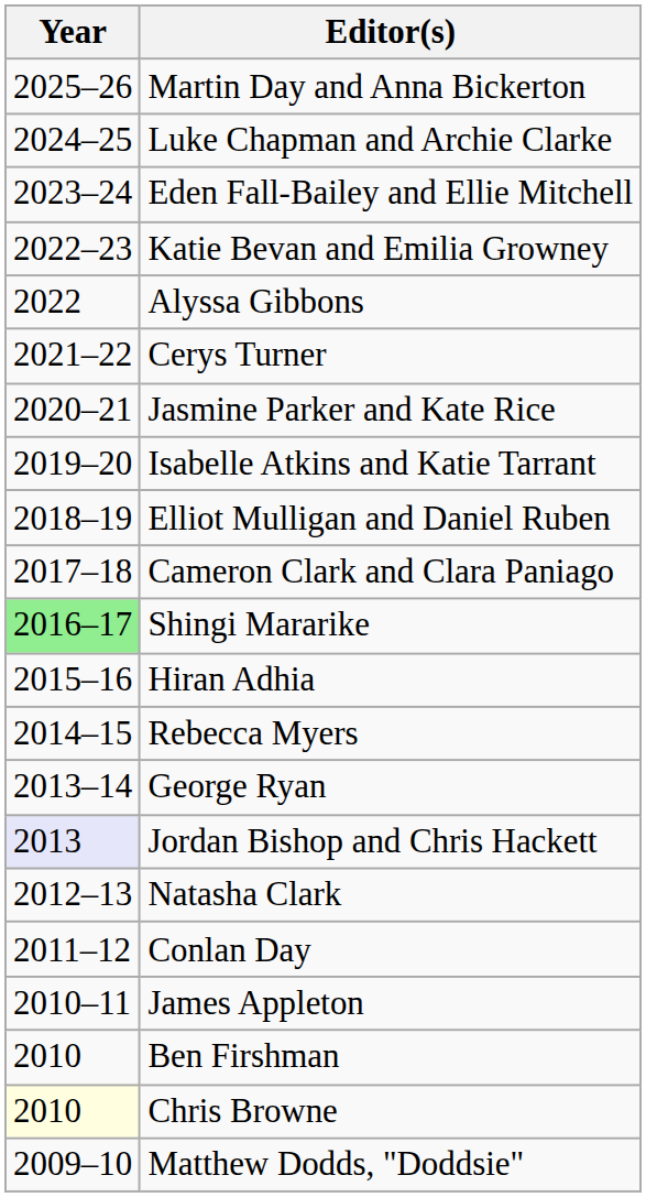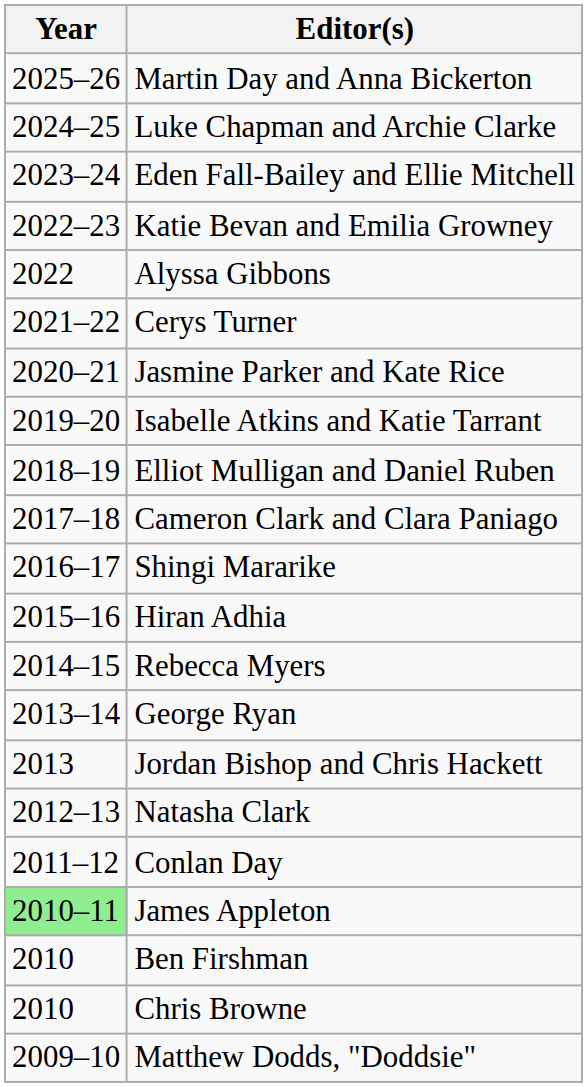 <table class="wikitable">
 <tr>
 <th>Year</th>
 <th>Editor(s)</th>
 </tr>
 <tr>
 <td>2025–26</td>
 <td>Martin Day and Anna Bickerton</td>
 </tr>
 <tr>
 <td>2024–25</td>
 <td>Luke Chapman and Archie Clarke</td>
 </tr>
 <tr>
 <td>2023–24</td>
 <td>Eden Fall-Bailey and Ellie Mitchell</td>
 </tr>
 <tr>
 <td>2022–23</td>
 <td>Katie Bevan and Emilia Growney</td>
 </tr>
 <tr>
 <td>2022</td>
 <td>Alyssa Gibbons</td>
 </tr>
 <tr>
 <td>2021–22</td>
 <td>Cerys Turner</td>
 </tr>
 <tr>
 <td>2020–21</td>
 <td>Jasmine Parker and Kate Rice</td>
 </tr>
 <tr>
 <td>2019–20</td>
 <td>Isabelle Atkins and Katie Tarrant</td>
 </tr>
 <tr>
 <td>2018–19</td>
 <td>Elliot Mulligan and Daniel Ruben</td>
 </tr>
 <tr>
 <td>2017–18</td>
 <td>Cameron Clark and Clara Paniago</td>
 </tr>
 <tr>
-<td style="background: lightgreen;">2016–17</td>
+<td>2016–17</td>
 <td>Shingi Mararike</td>
 </tr>
 <tr>
 <td>2015–16</td>
 <td>Hiran Adhia</td>
 </tr>
 <tr>
 <td>2014–15</td>
 <td>Rebecca Myers</td>
 </tr>
 <tr>
 <td>2013–14</td>
 <td>George Ryan</td>
 </tr>
 <tr>
-<td style="background: lavender;">2013</td>
+<td>2013</td>
 <td>Jordan Bishop and Chris Hackett</td>
 </tr>
 <tr>
 <td>2012–13</td>
 <td>Natasha Clark</td>
 </tr>
 <tr>
 <td>2011–12</td>
 <td>Conlan Day</td>
 </tr>
 <tr>
-<td>2010–11</td>
+<td style="background: lightgreen;">2010–11</td>
 <td>James Appleton</td>
 </tr>
 <tr>
 <td>2010</td>
 <td>Ben Firshman</td>
 </tr>
 <tr>
-<td style="background: lightyellow;">2010</td>
+<td>2010</td>
 <td>Chris Browne</td>
 </tr>
 <tr>
 <td>2009–10</td>
 <td>Matthew Dodds, "Doddsie"</td>
 </tr>
 </table>
